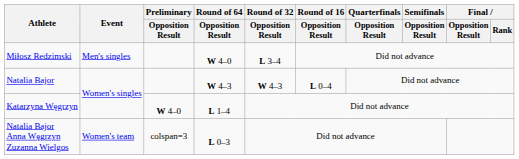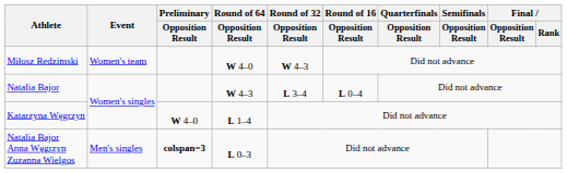 <table class=wikitable style=font-size:90%;text-align:center>
 <tr>
 <th rowspan=2>Athlete</th>
 <th rowspan=2>Event</th>
 <th>Preliminary</th>
 <th>Round of 64</th>
 <th>Round of 32</th>
 <th>Round of 16</th>
 <th>Quarterfinals</th>
 <th>Semifinals</th>
 <th colspan=2>Final / </th>
 </tr>
 <tr style=font-size:95%>
 <th>Opposition<br>Result</th>
 <th>Opposition<br>Result</th>
 <th>Opposition<br>Result</th>
 <th>Opposition<br>Result</th>
 <th>Opposition<br>Result</th>
 <th>Opposition<br>Result</th>
 <th>Opposition<br>Result</th>
 <th>Rank</th>
 </tr>
 <tr>
 <td align=left><a href='#'>Miłosz Redzimski</a></td>
-<td align=left><a href='#'>Men's singles</a></td>
+<td align=left><a href='#'>Women's team</a></td>
 <td></td>
 <td><br><strong>W</strong> 4–0</td>
-<td><br><strong>L</strong> 3–4</td>
+<td><br><strong>W</strong> 4–3</td>
 <td colspan=5>Did not advance</td>
 </tr>
 <tr>
 <td align=left><a href='#'>Natalia Bajor</a></td>
 <td align=left rowspan=2><a href='#'>Women's singles</a></td>
 <td></td>
 <td><br><strong>W</strong> 4–3</td>
-<td><br><strong>W</strong> 4–3</td>
+<td><br><strong>L</strong> 3–4</td>
 <td><br><strong>L</strong> 0–4</td>
 <td colspan=4>Did not advance</td>
 </tr>
 <tr align=center>
 <td align=left><a href='#'>Katarzyna Węgrzyn</a></td>
 <td><br><strong>W</strong> 4–0</td>
 <td><br><strong>L</strong> 1–4</td>
 <td colspan=6>Did not advance</td>
 </tr>
 <tr>
 <td align=left><a href='#'>Natalia Bajor</a><br><a href='#'>Anna Węgrzyn</a><br><a href='#'>Zuzanna Wielgos</a></td>
-<td align=left><a href='#'>Women's team</a></td>
-<td>colspan=3 </td>
+<td align=left><a href='#'>Men's singles</a></td>
+<td><strong>colspan=3 </strong></td>
 <td><br><strong>L</strong> 0–3</td>
 <td colspan=4>Did not advance</td>
 </tr>
 </table>
